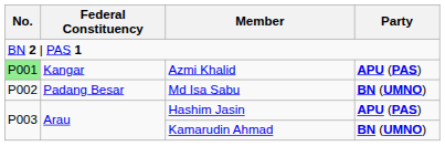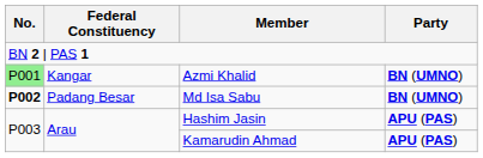 <table class="wikitable sortable">
 <tr>
 <th style="width:30px;">No.</th>
 <th style="width:150px;">Federal Constituency</th>
 <th style="width:230px;">Member</th>
 <th style="width:100px;">Party</th>
 </tr>
 <tr>
 <td colspan="4"><a href='#'>BN</a> <strong>2</strong> | <a href='#'>PAS</a> <strong>1</strong></td>
 </tr>
 <tr>
 <td style="background: lightgreen;">P001</td>
 <td><a href='#'>Kangar</a></td>
 <td><a href='#'>Azmi Khalid</a></td>
-<td><strong><a href='#'>APU</a></strong> (<strong><a href='#'>PAS</a></strong>)</td>
+<td><strong><a href='#'>BN</a></strong> (<strong><a href='#'>UMNO</a></strong>)</td>
 </tr>
 <tr>
-<td>P002</td>
+<td><strong>P002</strong></td>
 <td><a href='#'>Padang Besar</a></td>
 <td><a href='#'>Md Isa Sabu</a></td>
 <td><strong><a href='#'>BN</a></strong> (<strong><a href='#'>UMNO</a></strong>)</td>
 </tr>
 <tr>
 <td rowspan=2>P003</td>
 <td rowspan=2><a href='#'>Arau</a></td>
 <td><a href='#'>Hashim Jasin</a> </td>
 <td><strong><a href='#'>APU</a></strong> (<strong><a href='#'>PAS</a></strong>)</td>
 </tr>
 <tr>
 <td><a href='#'>Kamarudin Ahmad</a> </td>
-<td><strong><a href='#'>BN</a></strong> (<strong><a href='#'>UMNO</a></strong>)</td>
+<td><strong><a href='#'>APU</a></strong> (<strong><a href='#'>PAS</a></strong>)</td>
 </tr>
 </table>
